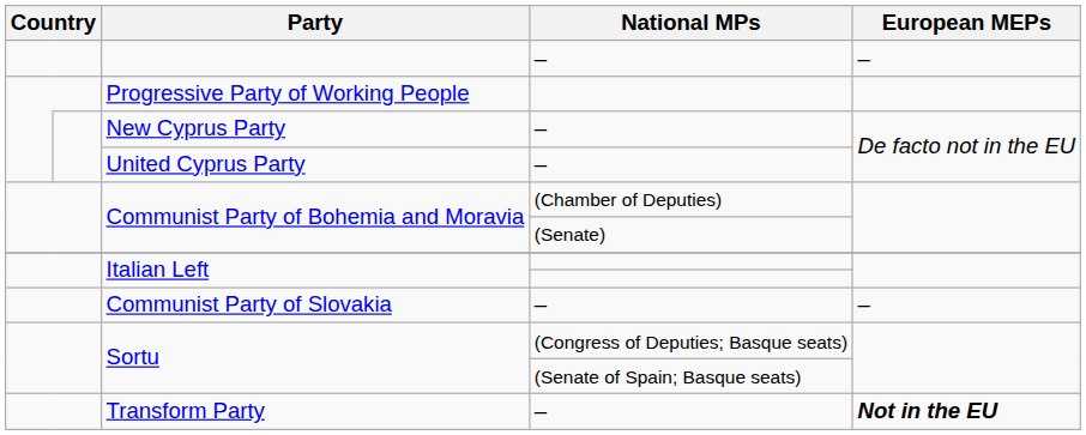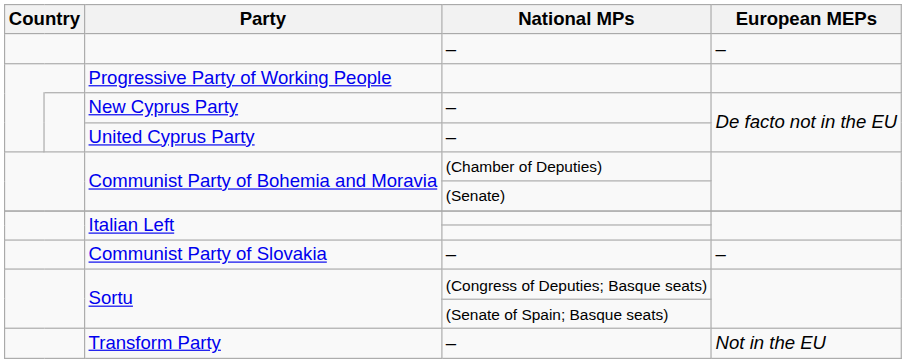 <table class="wikitable sortable">
 <tr>
 <th colspan=2>Country</th>
 <th>Party</th>
 <th>National MPs</th>
 <th>European MEPs</th>
 </tr>
 <tr>
 <td colspan=2></td>
 <td></td>
 <td>–</td>
 <td>–</td>
 </tr>
 <tr>
 <td rowspan=3></td>
 <td style="border-left:hidden"></td>
 <td><a href='#'>Progressive Party of Working People</a></td>
 <td></td>
 <td></td>
 </tr>
 <tr>
 <td rowspan=2></td>
 <td><a href='#'>New Cyprus Party</a></td>
 <td>–</td>
 <td rowspan=2><em>De facto not in the EU</em></td>
 </tr>
 <tr>
 <td><a href='#'>United Cyprus Party</a></td>
 <td>–</td>
 </tr>
 <tr>
 <td rowspan=2 colspan=2></td>
 <td rowspan=2><a href='#'>Communist Party of Bohemia and Moravia</a></td>
 <td><small>(Chamber of Deputies)</small></td>
 <td rowspan=2></td>
 </tr>
 <tr>
 <td><small>(Senate)</small></td>
 </tr>
 <tr>
 </tr>
 <tr>
 <td rowspan=2 colspan=2></td>
 <td rowspan=2><a href='#'>Italian Left</a></td>
 <td></td>
 <td rowspan=2></td>
 </tr>
 <tr>
 <td></td>
 </tr>
 <tr>
 <td colspan=2></td>
 <td><a href='#'>Communist Party of Slovakia</a></td>
 <td>–</td>
 <td>–</td>
 </tr>
 <tr>
 <td colspan=2 rowspan=2></td>
 <td rowspan=2><a href='#'>Sortu</a></td>
 <td><small>(Congress of Deputies; Basque seats)</small></td>
 <td rowspan=2></td>
 </tr>
 <tr>
 <td><small>(Senate of Spain; Basque seats)</small></td>
 </tr>
 <tr>
 <td colspan=2></td>
 <td><a href='#'>Transform Party</a></td>
 <td>–</td>
-<td><strong><em>Not in the EU</em></strong></td>
+<td><em>Not in the EU</em></td>
 </tr>
 </table>
